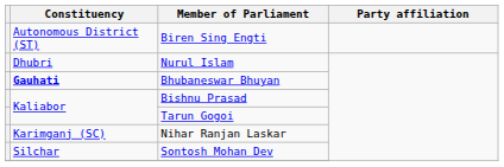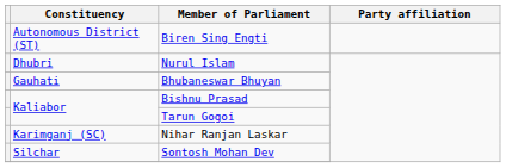 <table class="wikitable sortable">
 <tr style="text-align:center;">
 <th></th>
 <th style="width:13em">Constituency</th>
 <th style="width:15em">Member of Parliament</th>
 <th colspan="2" style="width:15em">Party affiliation</th>
 </tr>
 <tr>
 <th></th>
 <td><a href='#'>Autonomous District (ST)</a></td>
 <td><a href='#'>Biren Sing Engti</a></td>
 <td></td>
 </tr>
 <tr>
 <th></th>
 <td><a href='#'>Dhubri</a></td>
 <td><a href='#'>Nurul Islam</a></td>
 </tr>
 <tr>
 <th></th>
-<td><strong><a href='#'>Gauhati</a></strong></td>
+<td><a href='#'>Gauhati</a></td>
 <td><a href='#'>Bhubaneswar Bhuyan</a></td>
 </tr>
 <tr>
 <th></th>
 <td rowspan=2><a href='#'>Kaliabor</a></td>
 <td><a href='#'>Bishnu Prasad</a></td>
 </tr>
 <tr>
 <th></th>
 <td><a href='#'>Tarun Gogoi</a></td>
 </tr>
 <tr>
 <th></th>
 <td><a href='#'>Karimganj (SC)</a></td>
 <td>Nihar Ranjan Laskar</td>
 </tr>
 <tr>
 <th></th>
 <td><a href='#'>Silchar</a></td>
 <td><a href='#'>Sontosh Mohan Dev</a></td>
 </tr>
 <tr>
 </tr>
 </table>
